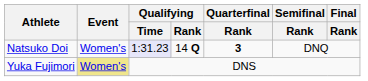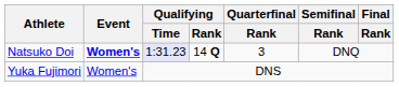 <table class="wikitable">
 <tr>
 <th rowspan="2">Athlete</th>
 <th rowspan="2">Event</th>
 <th colspan="2">Qualifying</th>
 <th>Quarterfinal</th>
 <th>Semifinal</th>
 <th>Final</th>
 </tr>
 <tr>
 <th>Time</th>
 <th>Rank</th>
 <th>Rank</th>
 <th>Rank</th>
 <th>Rank</th>
 </tr>
 <tr>
 <td><a href='#'>Natsuko Doi</a></td>
-<td><a href='#'>Women's</a></td>
+<td><strong><a href='#'>Women's</a></strong></td>
 <td align=center style="background: lavender;">1:31.23</td>
 <td align=center>14 <strong>Q</strong></td>
-<td align=center><strong>3</strong></td>
+<td align=center>3</td>
 <td align=center colspan=3>DNQ</td>
 </tr>
 <tr>
 <td><a href='#'>Yuka Fujimori</a></td>
-<td style="background: khaki;"><a href='#'>Women's</a></td>
+<td><a href='#'>Women's</a></td>
 <td align=center colspan=5>DNS</td>
 </tr>
 </table>
